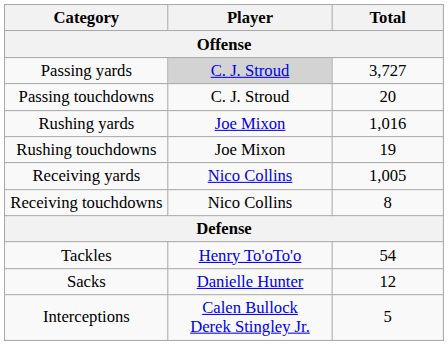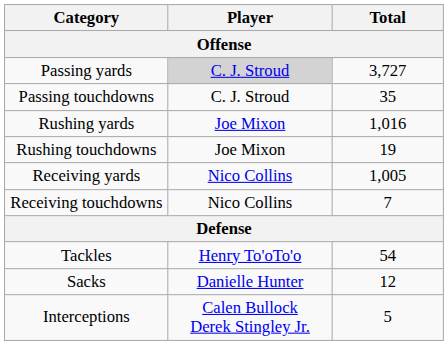 <table class="wikitable" style="text-align:center">
 <tr>
 <th width="150">Category</th>
 <th width="150">Player</th>
 <th width="100">Total</th>
 </tr>
 <tr>
 <th align="center" colspan="4">Offense</th>
 </tr>
 <tr>
 <td>Passing yards</td>
 <td style="background: lightgrey;"><a href='#'>C. J. Stroud</a></td>
 <td>3,727</td>
 </tr>
 <tr>
 <td>Passing touchdowns</td>
 <td>C. J. Stroud</td>
-<td>20</td>
+<td>35</td>
 </tr>
 <tr>
 <td>Rushing yards</td>
 <td><a href='#'>Joe Mixon</a></td>
 <td>1,016</td>
 </tr>
 <tr>
 <td>Rushing touchdowns</td>
 <td>Joe Mixon</td>
 <td>19</td>
 </tr>
 <tr>
 <td>Receiving yards</td>
 <td><a href='#'>Nico Collins</a></td>
 <td>1,005</td>
 </tr>
 <tr>
 <td>Receiving touchdowns</td>
 <td>Nico Collins</td>
-<td>8</td>
+<td>7</td>
 </tr>
 <tr>
 <th align="center" colspan="4">Defense</th>
 </tr>
 <tr>
 <td>Tackles </td>
 <td><a href='#'>Henry To'oTo'o</a></td>
 <td>54</td>
 </tr>
 <tr>
 <td>Sacks</td>
 <td><a href='#'>Danielle Hunter</a></td>
 <td>12</td>
 </tr>
 <tr>
 <td>Interceptions</td>
 <td><a href='#'>Calen Bullock</a><br><a href='#'>Derek Stingley Jr.</a></td>
 <td>5</td>
 </tr>
 </table>
